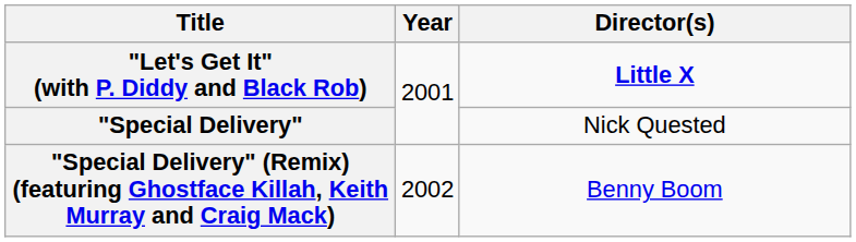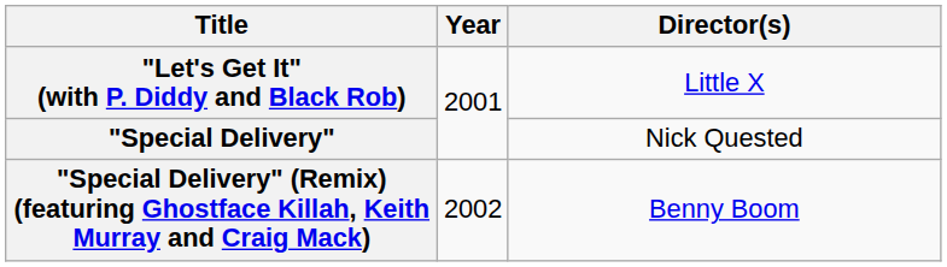 <table class="wikitable plainrowheaders" style="text-align:center;">
 <tr>
 <th scope="col" style="width:16em;">Title</th>
 <th scope="col">Year</th>
 <th scope="col" style="width:16em;">Director(s)</th>
 </tr>
 <tr>
 <th scope="row">"Let's Get It"<br><span>(with <a href='#'>P. Diddy</a> and <a href='#'>Black Rob</a>)</span></th>
 <td rowspan="2">2001</td>
-<td><strong><a href='#'>Little X</a></strong></td>
+<td><a href='#'>Little X</a></td>
 </tr>
 <tr>
 <th scope="row">"Special Delivery"</th>
 <td>Nick Quested</td>
 </tr>
 <tr>
 <th scope="row">"Special Delivery" (Remix)<br><span>(featuring <a href='#'>Ghostface Killah</a>, <a href='#'>Keith Murray</a> and <a href='#'>Craig Mack</a>)</span></th>
 <td>2002</td>
 <td><a href='#'>Benny Boom</a></td>
 </tr>
 </table>
